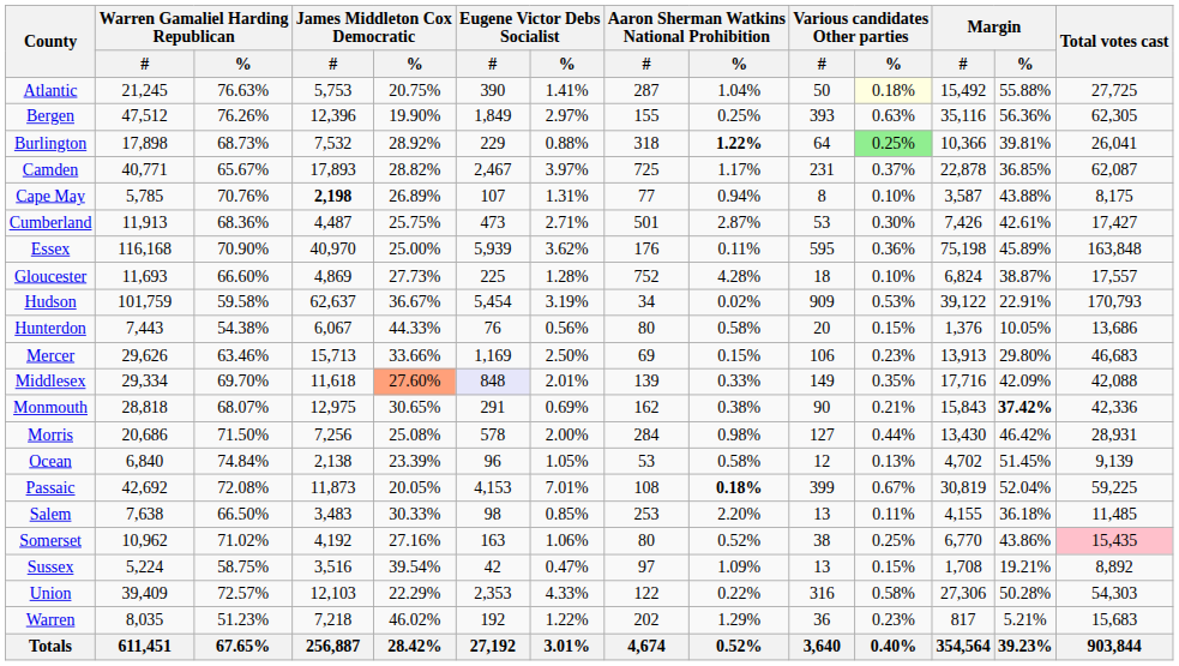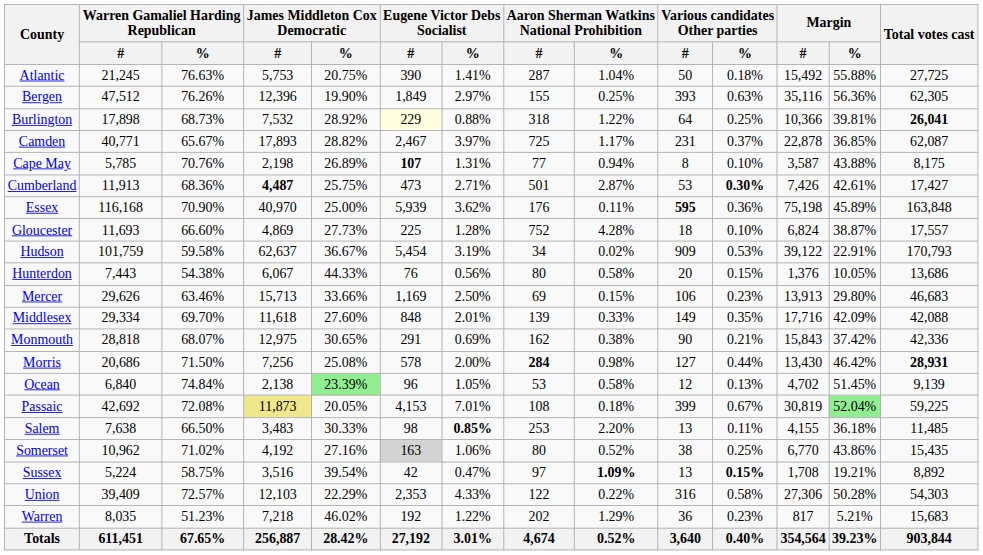 <table class="wikitable sortable" style="text-align:center">
 <tr>
 <th style="text-align:center;" rowspan="2">County</th>
 <th style="text-align:center;" colspan="2">Warren Gamaliel Harding<br>Republican</th>
 <th style="text-align:center;" colspan="2">James Middleton Cox<br>Democratic</th>
 <th style="text-align:center;" colspan="2">Eugene Victor Debs<br>Socialist</th>
 <th style="text-align:center;" colspan="2">Aaron Sherman Watkins<br>National Prohibition</th>
 <th style="text-align:center;" colspan="2">Various candidates<br>Other parties</th>
 <th style="text-align:center;" colspan="2">Margin</th>
 <th style="text-align:center;" rowspan="2">Total votes cast</th>
 </tr>
 <tr>
 <th data-sort-type="number">#</th>
 <th data-sort-type="number">%</th>
 <th data-sort-type="number">#</th>
 <th data-sort-type="number">%</th>
 <th data-sort-type="number">#</th>
 <th data-sort-type="number">%</th>
 <th data-sort-type="number">#</th>
 <th data-sort-type="number">%</th>
 <th data-sort-type="number">#</th>
 <th data-sort-type="number">%</th>
 <th data-sort-type="number">#</th>
 <th data-sort-type="number">%</th>
 </tr>
 <tr style="text-align:center;">
 <td><a href='#'>Atlantic</a></td>
 <td>21,245</td>
 <td>76.63%</td>
 <td>5,753</td>
 <td>20.75%</td>
 <td>390</td>
 <td>1.41%</td>
 <td>287</td>
 <td>1.04%</td>
 <td>50</td>
-<td style="background: lightyellow;">0.18%</td>
+<td>0.18%</td>
 <td>15,492</td>
 <td>55.88%</td>
 <td>27,725</td>
 </tr>
 <tr style="text-align:center;">
 <td><a href='#'>Bergen</a></td>
 <td>47,512</td>
 <td>76.26%</td>
 <td>12,396</td>
 <td>19.90%</td>
 <td>1,849</td>
 <td>2.97%</td>
 <td>155</td>
 <td>0.25%</td>
 <td>393</td>
 <td>0.63%</td>
 <td>35,116</td>
 <td>56.36%</td>
 <td>62,305</td>
 </tr>
 <tr style="text-align:center;">
 <td><a href='#'>Burlington</a></td>
 <td>17,898</td>
 <td>68.73%</td>
 <td>7,532</td>
 <td>28.92%</td>
-<td>229</td>
+<td style="background: lightyellow;">229</td>
 <td>0.88%</td>
 <td>318</td>
-<td><strong>1.22%</strong></td>
+<td>1.22%</td>
 <td>64</td>
-<td style="background: lightgreen;">0.25%</td>
+<td>0.25%</td>
 <td>10,366</td>
 <td>39.81%</td>
-<td>26,041</td>
+<td><strong>26,041</strong></td>
 </tr>
 <tr style="text-align:center;">
 <td><a href='#'>Camden</a></td>
 <td>40,771</td>
 <td>65.67%</td>
 <td>17,893</td>
 <td>28.82%</td>
 <td>2,467</td>
 <td>3.97%</td>
 <td>725</td>
 <td>1.17%</td>
 <td>231</td>
 <td>0.37%</td>
 <td>22,878</td>
 <td>36.85%</td>
 <td>62,087</td>
 </tr>
 <tr style="text-align:center;">
 <td><a href='#'>Cape May</a></td>
 <td>5,785</td>
 <td>70.76%</td>
-<td><strong>2,198</strong></td>
+<td>2,198</td>
 <td>26.89%</td>
-<td>107</td>
+<td><strong>107</strong></td>
 <td>1.31%</td>
 <td>77</td>
 <td>0.94%</td>
 <td>8</td>
 <td>0.10%</td>
 <td>3,587</td>
 <td>43.88%</td>
 <td>8,175</td>
 </tr>
 <tr style="text-align:center;">
 <td><a href='#'>Cumberland</a></td>
 <td>11,913</td>
 <td>68.36%</td>
-<td>4,487</td>
+<td><strong>4,487</strong></td>
 <td>25.75%</td>
 <td>473</td>
 <td>2.71%</td>
 <td>501</td>
 <td>2.87%</td>
 <td>53</td>
-<td>0.30%</td>
+<td><strong>0.30%</strong></td>
 <td>7,426</td>
 <td>42.61%</td>
 <td>17,427</td>
 </tr>
 <tr style="text-align:center;">
 <td><a href='#'>Essex</a></td>
 <td>116,168</td>
 <td>70.90%</td>
 <td>40,970</td>
 <td>25.00%</td>
 <td>5,939</td>
 <td>3.62%</td>
 <td>176</td>
 <td>0.11%</td>
-<td>595</td>
+<td><strong>595</strong></td>
 <td>0.36%</td>
 <td>75,198</td>
 <td>45.89%</td>
 <td>163,848</td>
 </tr>
 <tr style="text-align:center;">
 <td><a href='#'>Gloucester</a></td>
 <td>11,693</td>
 <td>66.60%</td>
 <td>4,869</td>
 <td>27.73%</td>
 <td>225</td>
 <td>1.28%</td>
 <td>752</td>
 <td>4.28%</td>
 <td>18</td>
 <td>0.10%</td>
 <td>6,824</td>
 <td>38.87%</td>
 <td>17,557</td>
 </tr>
 <tr style="text-align:center;">
 <td><a href='#'>Hudson</a></td>
 <td>101,759</td>
 <td>59.58%</td>
 <td>62,637</td>
 <td>36.67%</td>
 <td>5,454</td>
 <td>3.19%</td>
 <td>34</td>
 <td>0.02%</td>
 <td>909</td>
 <td>0.53%</td>
 <td>39,122</td>
 <td>22.91%</td>
 <td>170,793</td>
 </tr>
 <tr style="text-align:center;">
 <td><a href='#'>Hunterdon</a></td>
 <td>7,443</td>
 <td>54.38%</td>
 <td>6,067</td>
 <td>44.33%</td>
 <td>76</td>
 <td>0.56%</td>
 <td>80</td>
 <td>0.58%</td>
 <td>20</td>
 <td>0.15%</td>
 <td>1,376</td>
 <td>10.05%</td>
 <td>13,686</td>
 </tr>
 <tr style="text-align:center;">
 <td><a href='#'>Mercer</a></td>
 <td>29,626</td>
 <td>63.46%</td>
 <td>15,713</td>
 <td>33.66%</td>
 <td>1,169</td>
 <td>2.50%</td>
 <td>69</td>
 <td>0.15%</td>
 <td>106</td>
 <td>0.23%</td>
 <td>13,913</td>
 <td>29.80%</td>
 <td>46,683</td>
 </tr>
 <tr style="text-align:center;">
 <td><a href='#'>Middlesex</a></td>
 <td>29,334</td>
 <td>69.70%</td>
 <td>11,618</td>
-<td style="background: lightsalmon;">27.60%</td>
-<td style="background: lavender;">848</td>
+<td>27.60%</td>
+<td>848</td>
 <td>2.01%</td>
 <td>139</td>
 <td>0.33%</td>
 <td>149</td>
 <td>0.35%</td>
 <td>17,716</td>
 <td>42.09%</td>
 <td>42,088</td>
 </tr>
 <tr style="text-align:center;">
 <td><a href='#'>Monmouth</a></td>
 <td>28,818</td>
 <td>68.07%</td>
 <td>12,975</td>
 <td>30.65%</td>
 <td>291</td>
 <td>0.69%</td>
 <td>162</td>
 <td>0.38%</td>
 <td>90</td>
 <td>0.21%</td>
 <td>15,843</td>
-<td><strong>37.42%</strong></td>
+<td>37.42%</td>
 <td>42,336</td>
 </tr>
 <tr style="text-align:center;">
 <td><a href='#'>Morris</a></td>
 <td>20,686</td>
 <td>71.50%</td>
 <td>7,256</td>
 <td>25.08%</td>
 <td>578</td>
 <td>2.00%</td>
-<td>284</td>
+<td><strong>284</strong></td>
 <td>0.98%</td>
 <td>127</td>
 <td>0.44%</td>
 <td>13,430</td>
 <td>46.42%</td>
-<td>28,931</td>
+<td><strong>28,931</strong></td>
 </tr>
 <tr style="text-align:center;">
 <td><a href='#'>Ocean</a></td>
 <td>6,840</td>
 <td>74.84%</td>
 <td>2,138</td>
-<td>23.39%</td>
+<td style="background: lightgreen;">23.39%</td>
 <td>96</td>
 <td>1.05%</td>
 <td>53</td>
 <td>0.58%</td>
 <td>12</td>
 <td>0.13%</td>
 <td>4,702</td>
 <td>51.45%</td>
 <td>9,139</td>
 </tr>
 <tr style="text-align:center;">
 <td><a href='#'>Passaic</a></td>
 <td>42,692</td>
 <td>72.08%</td>
-<td>11,873</td>
+<td style="background: khaki;">11,873</td>
 <td>20.05%</td>
 <td>4,153</td>
 <td>7.01%</td>
 <td>108</td>
-<td><strong>0.18%</strong></td>
+<td>0.18%</td>
 <td>399</td>
 <td>0.67%</td>
 <td>30,819</td>
-<td>52.04%</td>
+<td style="background: lightgreen;">52.04%</td>
 <td>59,225</td>
 </tr>
 <tr style="text-align:center;">
 <td><a href='#'>Salem</a></td>
 <td>7,638</td>
 <td>66.50%</td>
 <td>3,483</td>
 <td>30.33%</td>
 <td>98</td>
-<td>0.85%</td>
+<td><strong>0.85%</strong></td>
 <td>253</td>
 <td>2.20%</td>
 <td>13</td>
 <td>0.11%</td>
 <td>4,155</td>
 <td>36.18%</td>
 <td>11,485</td>
 </tr>
 <tr style="text-align:center;">
 <td><a href='#'>Somerset</a></td>
 <td>10,962</td>
 <td>71.02%</td>
 <td>4,192</td>
 <td>27.16%</td>
-<td>163</td>
+<td style="background: lightgrey;">163</td>
 <td>1.06%</td>
 <td>80</td>
 <td>0.52%</td>
 <td>38</td>
 <td>0.25%</td>
 <td>6,770</td>
 <td>43.86%</td>
-<td style="background: pink;">15,435</td>
+<td>15,435</td>
 </tr>
 <tr style="text-align:center;">
 <td><a href='#'>Sussex</a></td>
 <td>5,224</td>
 <td>58.75%</td>
 <td>3,516</td>
 <td>39.54%</td>
 <td>42</td>
 <td>0.47%</td>
 <td>97</td>
-<td>1.09%</td>
+<td><strong>1.09%</strong></td>
 <td>13</td>
-<td>0.15%</td>
+<td><strong>0.15%</strong></td>
 <td>1,708</td>
 <td>19.21%</td>
 <td>8,892</td>
 </tr>
 <tr style="text-align:center;">
 <td><a href='#'>Union</a></td>
 <td>39,409</td>
 <td>72.57%</td>
 <td>12,103</td>
 <td>22.29%</td>
 <td>2,353</td>
 <td>4.33%</td>
 <td>122</td>
 <td>0.22%</td>
 <td>316</td>
 <td>0.58%</td>
 <td>27,306</td>
 <td>50.28%</td>
 <td>54,303</td>
 </tr>
 <tr style="text-align:center;">
 <td><a href='#'>Warren</a></td>
 <td>8,035</td>
 <td>51.23%</td>
 <td>7,218</td>
 <td>46.02%</td>
 <td>192</td>
 <td>1.22%</td>
 <td>202</td>
 <td>1.29%</td>
 <td>36</td>
 <td>0.23%</td>
 <td>817</td>
 <td>5.21%</td>
 <td>15,683</td>
 </tr>
 <tr style="text-align:center;">
 <th>Totals</th>
 <th>611,451</th>
 <th>67.65%</th>
 <th>256,887</th>
 <th>28.42%</th>
 <th>27,192</th>
 <th>3.01%</th>
 <th>4,674</th>
 <th>0.52%</th>
 <th>3,640</th>
 <th>0.40%</th>
 <th>354,564</th>
 <th>39.23%</th>
 <th>903,844</th>
 </tr>
 </table>
